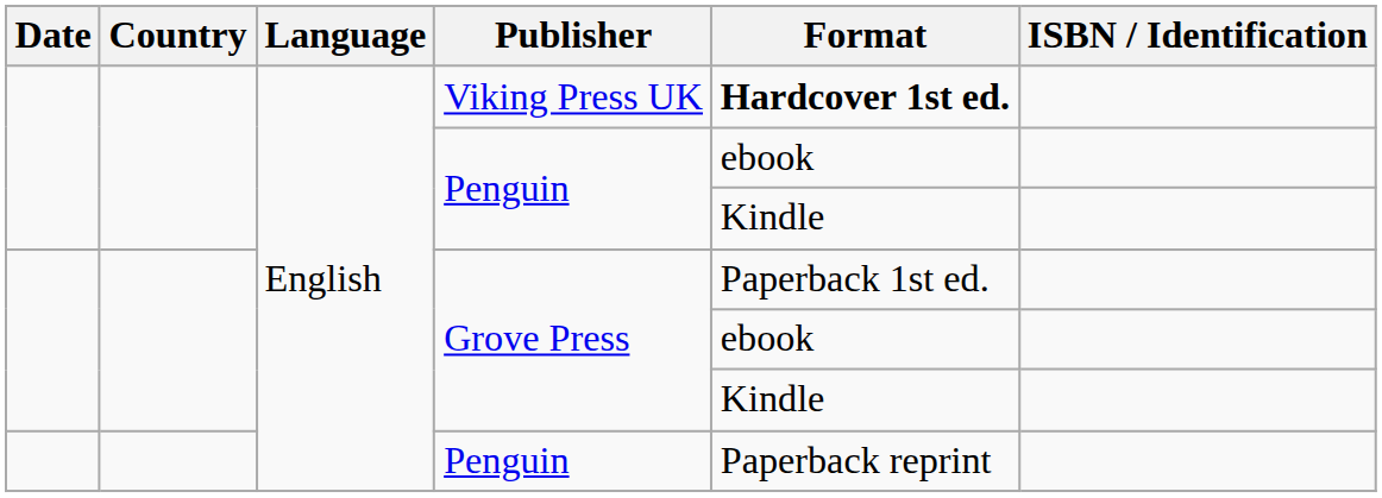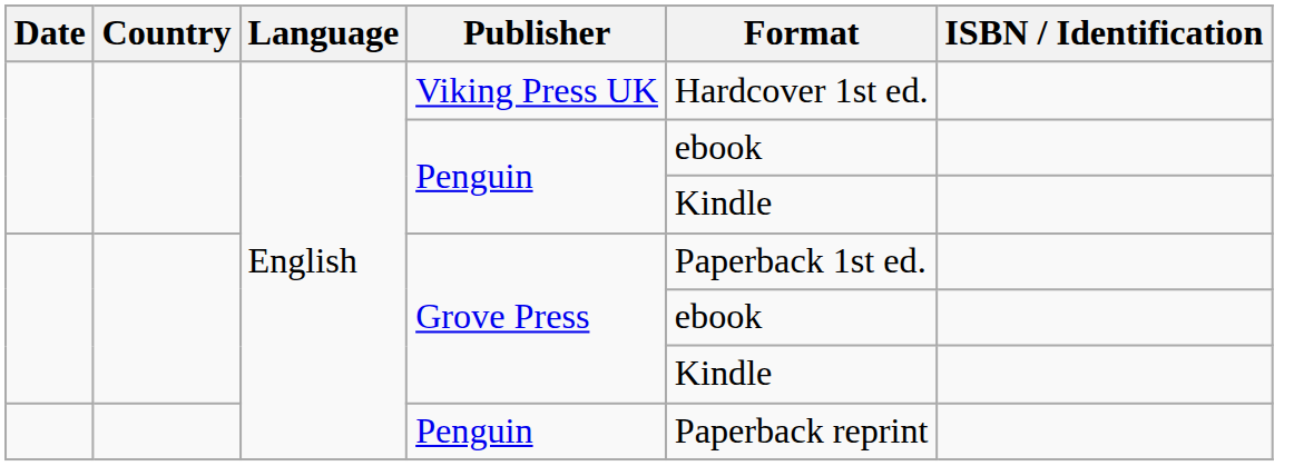 <table class="wikitable sortable mw-collapsible">
 <tr>
 <th>Date</th>
 <th>Country</th>
 <th>Language</th>
 <th>Publisher</th>
 <th>Format</th>
 <th>ISBN / Identification</th>
 </tr>
 <tr>
 <td rowspan="3"></td>
 <td rowspan="3"></td>
 <td rowspan="7">English</td>
 <td><a href='#'>Viking Press UK</a></td>
-<td><strong>Hardcover 1st ed.</strong></td>
+<td>Hardcover 1st ed.</td>
 <td></td>
 </tr>
 <tr>
 <td rowspan="2"><a href='#'>Penguin</a></td>
 <td>ebook</td>
 <td></td>
 </tr>
 <tr>
 <td>Kindle</td>
 <td></td>
 </tr>
 <tr>
 <td rowspan="3"></td>
 <td rowspan="3"></td>
 <td rowspan="3"><a href='#'>Grove Press</a></td>
 <td>Paperback 1st ed.</td>
 <td></td>
 </tr>
 <tr>
 <td>ebook</td>
 <td></td>
 </tr>
 <tr>
 <td>Kindle</td>
 <td></td>
 </tr>
 <tr>
 <td></td>
 <td></td>
 <td><a href='#'>Penguin</a></td>
 <td>Paperback reprint</td>
 <td></td>
 </tr>
 </table>
